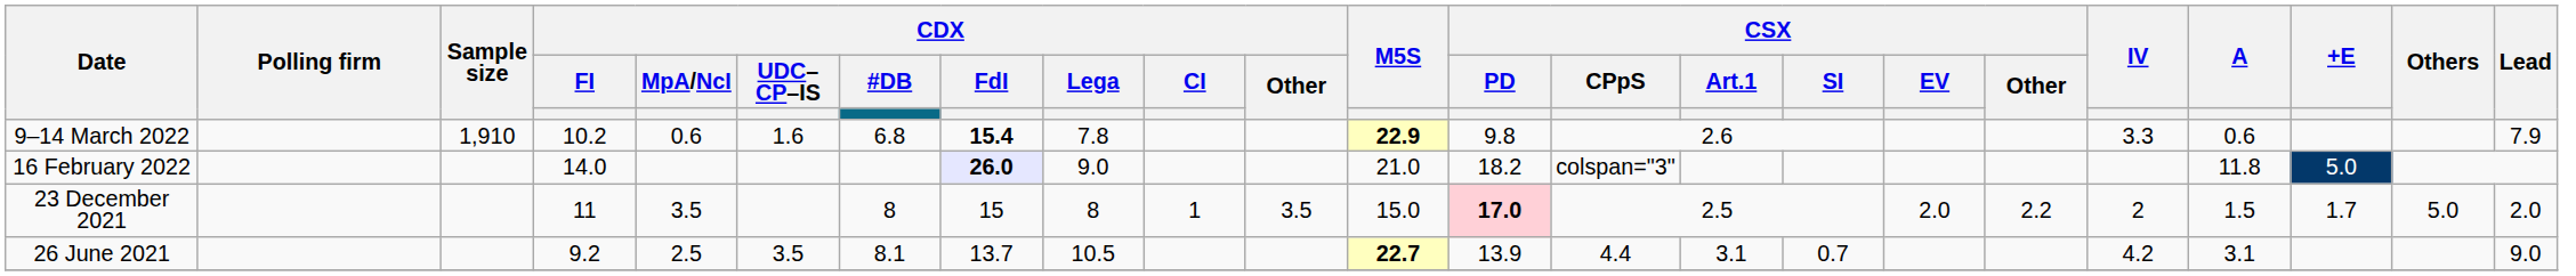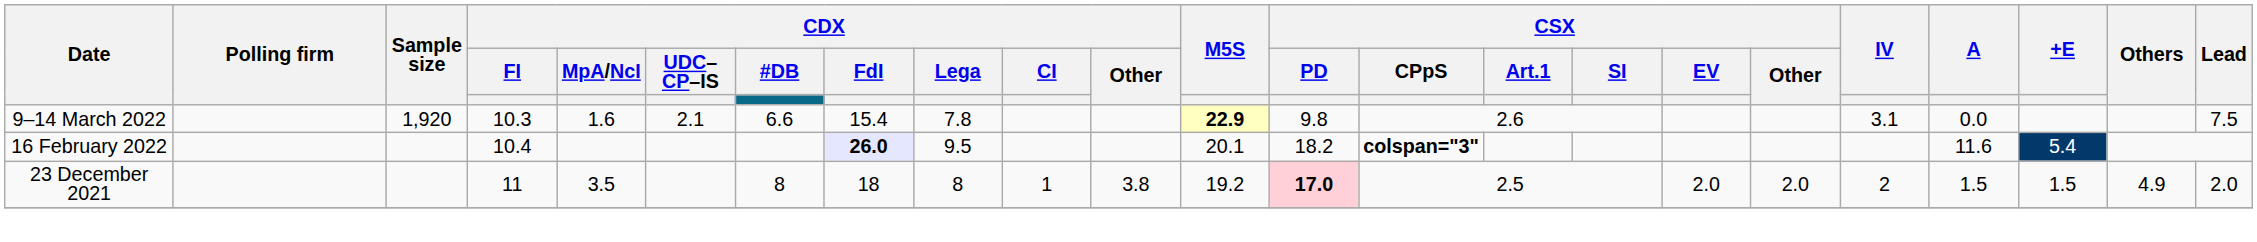 <table class="wikitable collapsible collapsed" style="text-align:center;font-size:85%;line-height:13px">
 <tr style="height:30px; background-color:#E9E9E9">
 <th style="width:110px;" rowspan="3">Date</th>
 <th style="width:140px;" rowspan="3">Polling firm</th>
 <th style="width:50px;" rowspan="3">Sample size</th>
 <th colspan="8" style="width:35px;"><a href='#'>CDX</a></th>
 <th style="width:55px;" rowspan="2"><a href='#'>M5S</a></th>
 <th colspan="6" style="width:35px;"><a href='#'>CSX</a></th>
 <th style="width:55px;" rowspan="2"><a href='#'>IV</a></th>
 <th style="width:55px;" rowspan="2"><a href='#'>A</a></th>
 <th style="width:55px;" rowspan="2"><a href='#'>+E</a></th>
 <th style="width:55px;" rowspan="3">Others</th>
 <th style="width:25px;" rowspan="3">Lead</th>
 </tr>
 <tr>
 <th style="width:55px;"><a href='#'>FI</a></th>
 <th style="width:55px;"><a href='#'>MpA</a>/<a href='#'>NcI</a></th>
 <th style="width:55px;"><a href='#'>UDC</a>–<a href='#'>CP</a>–IS</th>
 <th style="width:55px;"><a href='#'>#DB</a></th>
 <th style="width:55px;"><a href='#'>FdI</a></th>
 <th style="width:55px;"><a href='#'>Lega</a></th>
 <th style="width:55px;"><a href='#'>CI</a></th>
 <th rowspan="2" style="width:55px;">Other</th>
 <th style="width:55px;"><a href='#'>PD</a></th>
 <th style="width:55px;">CPpS</th>
 <th style="width:55px;"><a href='#'>Art.1</a></th>
 <th style="width:55px;"><a href='#'>SI</a></th>
 <th style="width:55px;"><a href='#'>EV</a></th>
 <th rowspan="2" style="width:55px;">Other</th>
 </tr>
 <tr>
 <th style="color:inherit;background:"></th>
 <th style="color:inherit;background:"></th>
 <th style="color:inherit;background:"></th>
 <th style="color:inherit;background:#086A87;"></th>
 <th style="color:inherit;background:"></th>
 <th style="color:inherit;background:"></th>
 <th style="color:inherit;background:"></th>
 <th style="color:inherit;background:"></th>
 <th style="color:inherit;background:"></th>
 <th style="color:inherit;background:"></th>
 <th style="color:inherit;background:"></th>
 <th style="color:inherit;background:"></th>
 <th style="color:inherit;background:"></th>
 <th style="color:inherit;background:"></th>
 <th style="color:inherit;background:"></th>
 <th style="color:inherit;background:"></th>
 </tr>
 <tr>
 <td>9–14 March 2022</td>
 <td></td>
-<td>1,910</td>
-<td>10.2</td>
-<td>0.6</td>
+<td>1,920</td>
+<td>10.3</td>
 <td>1.6</td>
-<td>6.8</td>
-<td><strong>15.4</strong></td>
+<td>2.1</td>
+<td>6.6</td>
+<td>15.4</td>
 <td>7.8</td>
 <td></td>
 <td></td>
 <td style="background:#FFFFBF"><strong>22.9</strong></td>
 <td>9.8</td>
 <td colspan=3>2.6</td>
 <td></td>
 <td></td>
-<td>3.3</td>
-<td>0.6</td>
+<td>3.1</td>
+<td>0.0</td>
 <td></td>
 <td></td>
-<td style="background:">7.9</td>
+<td style="background:">7.5</td>
 </tr>
 <tr>
 <td>16 February 2022</td>
 <td></td>
 <td></td>
-<td>14.0</td>
+<td>10.4</td>
 <td></td>
 <td></td>
 <td></td>
 <td style="background:#E5E7FF;"><strong>26.0</strong></td>
-<td>9.0</td>
+<td>9.5</td>
 <td></td>
 <td></td>
-<td>21.0</td>
+<td>20.1</td>
 <td>18.2</td>
-<td>colspan="3" </td>
+<td><strong>colspan="3" </strong></td>
 <td></td>
 <td></td>
 <td></td>
 <td></td>
 <td></td>
-<td>11.8</td>
-<td style="background:#03386A; color:white;">5.0</td>
+<td>11.6</td>
+<td style="background:#03386A; color:white;">5.4</td>
 </tr>
 <tr>
 <td>23 December 2021</td>
 <td></td>
 <td></td>
 <td>11</td>
 <td>3.5</td>
 <td></td>
 <td>8</td>
-<td>15</td>
+<td>18</td>
 <td>8</td>
 <td>1</td>
-<td>3.5</td>
-<td>15.0</td>
+<td>3.8</td>
+<td>19.2</td>
 <td style="background:#FFD0D7"><strong>17.0</strong></td>
 <td colspan="3">2.5</td>
 <td>2.0</td>
-<td>2.2</td>
+<td>2.0</td>
 <td>2</td>
 <td>1.5</td>
-<td>1.7</td>
-<td>5.0</td>
+<td>1.5</td>
+<td>4.9</td>
 <td style="background:">2.0</td>
-</tr>
-<tr>
-<td>26 June 2021</td>
-<td></td>
-<td></td>
-<td>9.2</td>
-<td>2.5</td>
-<td>3.5</td>
-<td>8.1</td>
-<td>13.7</td>
-<td>10.5</td>
-<td></td>
-<td></td>
-<td style="background:#FFFFBF"><strong>22.7</strong></td>
-<td>13.9</td>
-<td>4.4</td>
-<td>3.1</td>
-<td>0.7</td>
-<td></td>
-<td></td>
-<td>4.2</td>
-<td>3.1</td>
-<td></td>
-<td></td>
-<td style="background:">9.0</td>
 </tr>
 <tr>
 </tr>
 </table>
